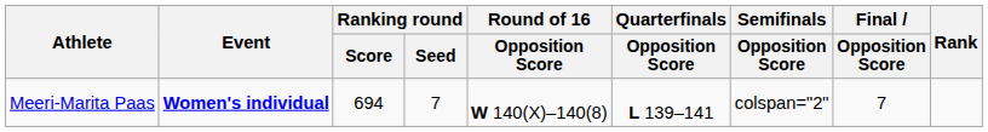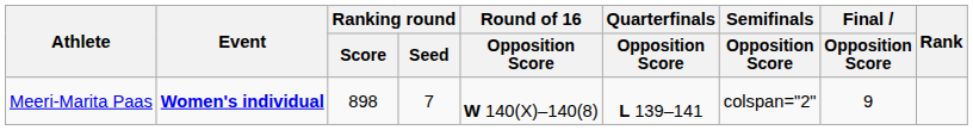 <table class="wikitable" style="text-align:center; font-size:90%">
 <tr>
 <th rowspan="2">Athlete</th>
 <th rowspan="2">Event</th>
 <th colspan="2">Ranking round</th>
 <th>Round of 16</th>
 <th>Quarterfinals</th>
 <th>Semifinals</th>
 <th>Final / </th>
 <th rowspan="2">Rank</th>
 </tr>
 <tr style="font-size:95%">
 <th>Score</th>
 <th>Seed</th>
 <th>Opposition<br>Score</th>
 <th>Opposition<br>Score</th>
 <th>Opposition<br>Score</th>
 <th>Opposition<br>Score</th>
 </tr>
 <tr>
 <td align="left"><a href='#'>Meeri-Marita Paas</a></td>
 <td align="left"><strong><a href='#'>Women's individual</a></strong></td>
-<td>694</td>
+<td>898</td>
 <td>7</td>
 <td><br><strong>W</strong> 140(X)–140(8)</td>
 <td><br><strong>L</strong> 139–141</td>
 <td>colspan="2" </td>
-<td>7</td>
+<td>9</td>
 </tr>
 </table>
